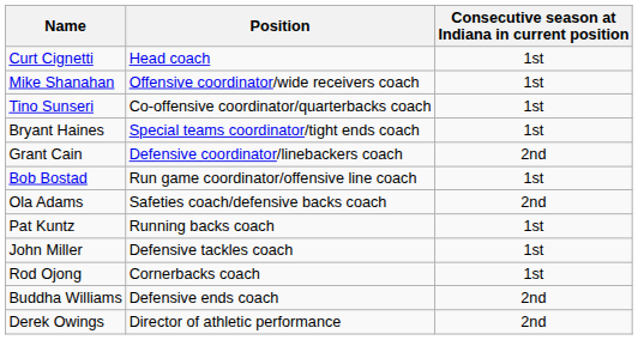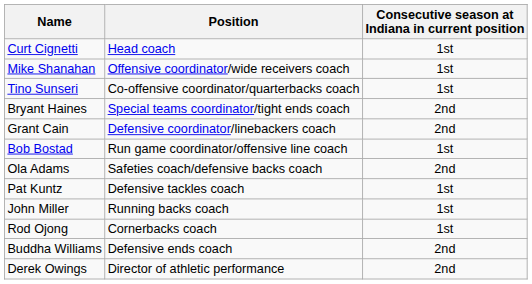 <table class="wikitable" style="font-size:90%;">
 <tr>
 <th>Name</th>
 <th>Position</th>
 <th>Consecutive season at<br>Indiana in current position</th>
 </tr>
 <tr>
 <td><a href='#'>Curt Cignetti</a></td>
 <td><a href='#'>Head coach</a></td>
 <td align="center">1st</td>
 </tr>
 <tr>
 <td><a href='#'>Mike Shanahan</a></td>
 <td><a href='#'>Offensive coordinator</a>/wide receivers coach</td>
 <td align="center">1st</td>
 </tr>
 <tr>
 <td><a href='#'>Tino Sunseri</a></td>
 <td>Co-offensive coordinator/quarterbacks coach</td>
 <td align="center">1st</td>
 </tr>
 <tr>
 <td>Bryant Haines</td>
 <td><a href='#'>Special teams coordinator</a>/tight ends coach</td>
-<td align="center">1st</td>
+<td align="center">2nd</td>
 </tr>
 <tr>
 <td>Grant Cain</td>
 <td><a href='#'>Defensive coordinator</a>/linebackers coach</td>
 <td align="center">2nd</td>
 </tr>
 <tr>
 <td><a href='#'>Bob Bostad</a></td>
 <td>Run game coordinator/offensive line coach</td>
 <td align="center">1st</td>
 </tr>
 <tr>
 <td>Ola Adams</td>
 <td>Safeties coach/defensive backs coach</td>
 <td align="center">2nd</td>
 </tr>
 <tr>
 <td>Pat Kuntz</td>
-<td>Running backs coach</td>
+<td>Defensive tackles coach</td>
 <td align="center">1st</td>
 </tr>
 <tr>
 <td>John Miller</td>
-<td>Defensive tackles coach</td>
+<td>Running backs coach</td>
 <td align="center">1st</td>
 </tr>
 <tr>
 <td>Rod Ojong</td>
 <td>Cornerbacks coach</td>
 <td align="center">1st</td>
 </tr>
 <tr>
 <td>Buddha Williams</td>
 <td>Defensive ends coach</td>
 <td align="center">2nd</td>
 </tr>
 <tr>
 <td>Derek Owings</td>
 <td>Director of athletic performance</td>
 <td align="center">2nd</td>
 </tr>
 </table>
